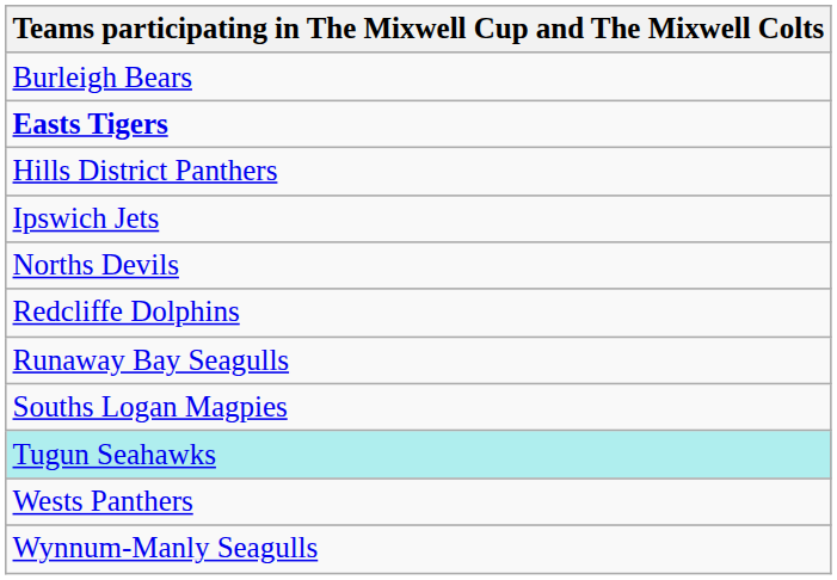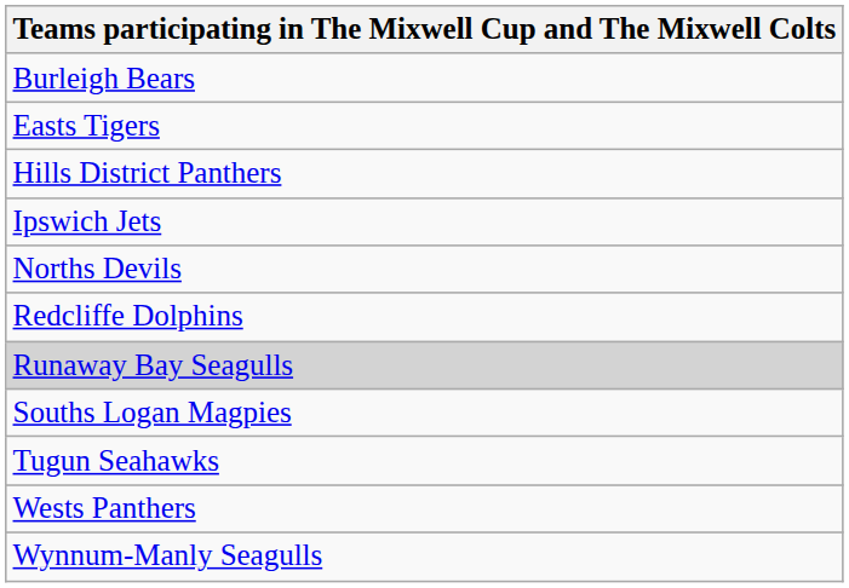 <table class="wikitable">
 <tr>
 <th>Teams participating in The Mixwell Cup and The Mixwell Colts</th>
 </tr>
 <tr>
 <td><a href='#'>Burleigh Bears</a></td>
 </tr>
 <tr>
-<td><strong><a href='#'>Easts Tigers</a></strong></td>
+<td><a href='#'>Easts Tigers</a></td>
 </tr>
 <tr>
 <td><a href='#'>Hills District Panthers</a></td>
 </tr>
 <tr>
 <td><a href='#'>Ipswich Jets</a></td>
 </tr>
 <tr>
 <td><a href='#'>Norths Devils</a></td>
 </tr>
 <tr>
 <td><a href='#'>Redcliffe Dolphins</a></td>
 </tr>
 <tr>
-<td><a href='#'>Runaway Bay Seagulls</a></td>
+<td style="background: lightgrey;"><a href='#'>Runaway Bay Seagulls</a></td>
 </tr>
 <tr>
 <td><a href='#'>Souths Logan Magpies</a></td>
 </tr>
 <tr>
-<td style="background: paleturquoise;"><a href='#'>Tugun Seahawks</a></td>
+<td><a href='#'>Tugun Seahawks</a></td>
 </tr>
 <tr>
 <td><a href='#'>Wests Panthers</a></td>
 </tr>
 <tr>
 <td><a href='#'>Wynnum-Manly Seagulls</a></td>
 </tr>
 </table>
